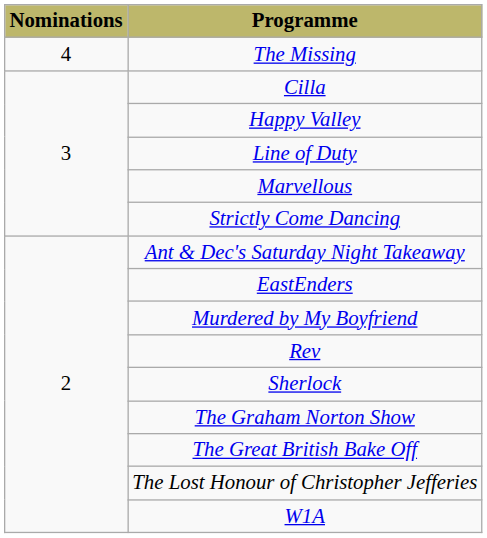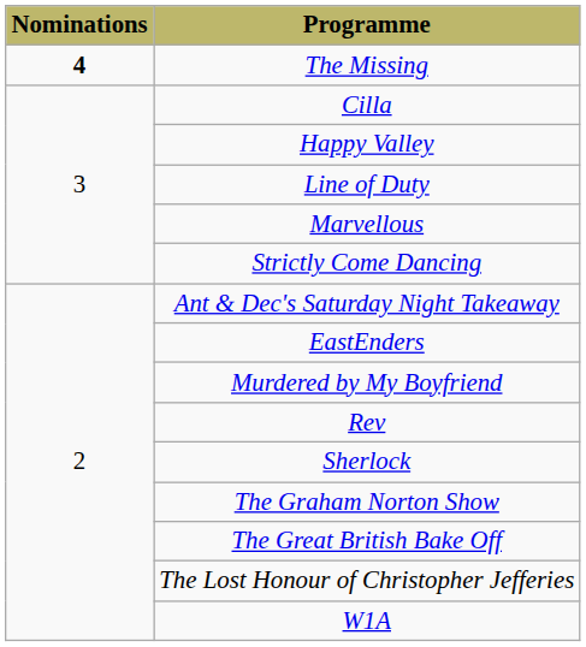 <table class="wikitable" style="text-align:center;">
 <tr>
 <th style="background:#BDB76B;">Nominations</th>
 <th style="background:#BDB76B;">Programme</th>
 </tr>
 <tr>
-<td>4</td>
+<td><strong>4</strong></td>
 <td><em><a href='#'>The Missing</a></em></td>
 </tr>
 <tr>
 <td rowspan="5">3</td>
 <td><em><a href='#'>Cilla</a></em></td>
 </tr>
 <tr>
 <td><em><a href='#'>Happy Valley</a></em></td>
 </tr>
 <tr>
 <td><em><a href='#'>Line of Duty</a></em></td>
 </tr>
 <tr>
 <td><em><a href='#'>Marvellous</a></em></td>
 </tr>
 <tr>
 <td><em><a href='#'>Strictly Come Dancing</a></em></td>
 </tr>
 <tr>
 <td rowspan="9">2</td>
 <td><em><a href='#'>Ant & Dec's Saturday Night Takeaway</a></em></td>
 </tr>
 <tr>
 <td><em><a href='#'>EastEnders</a></em></td>
 </tr>
 <tr>
 <td><em><a href='#'>Murdered by My Boyfriend</a></em></td>
 </tr>
 <tr>
 <td><em><a href='#'>Rev</a></em></td>
 </tr>
 <tr>
 <td><em><a href='#'>Sherlock</a></em></td>
 </tr>
 <tr>
 <td><em><a href='#'>The Graham Norton Show</a></em></td>
 </tr>
 <tr>
 <td><em><a href='#'>The Great British Bake Off</a></em></td>
 </tr>
 <tr>
 <td><em>The Lost Honour of Christopher Jefferies</em></td>
 </tr>
 <tr>
 <td><em><a href='#'>W1A</a></em></td>
 </tr>
 </table>
